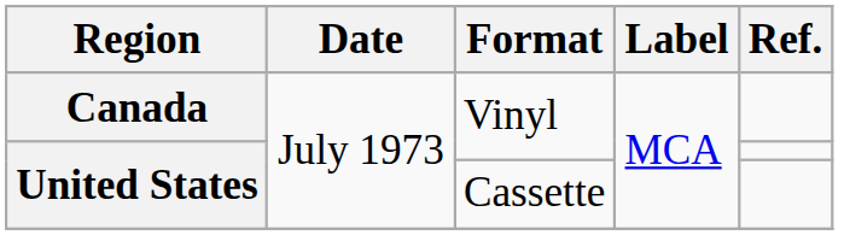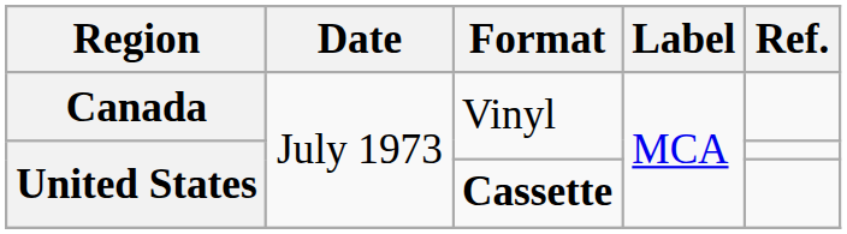 <table class="wikitable plainrowheaders">
 <tr>
 <th scope="col">Region</th>
 <th scope="col">Date</th>
 <th scope="col">Format</th>
 <th scope="col">Label</th>
 <th scope="col">Ref.</th>
 </tr>
 <tr>
 <th scope="row">Canada</th>
 <td rowspan="3">July 1973</td>
 <td rowspan="2">Vinyl</td>
 <td rowspan="3"><a href='#'>MCA</a></td>
 <td></td>
 </tr>
 <tr>
 <th scope="row" rowspan="2">United States</th>
 <td></td>
 </tr>
 <tr>
-<td>Cassette</td>
+<td><strong>Cassette</strong></td>
 <td></td>
 </tr>
 <tr>
 </tr>
 </table>
